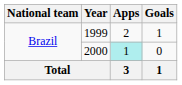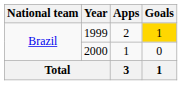 <table class="wikitable" style="text-align:center">
 <tr>
 <th>National team</th>
 <th>Year</th>
 <th>Apps</th>
 <th>Goals</th>
 </tr>
 <tr>
 <td rowspan="2"><a href='#'>Brazil</a></td>
 <td>1999</td>
 <td>2</td>
-<td>1</td>
+<td style="background: gold;">1</td>
 </tr>
 <tr>
 <td>2000</td>
-<td style="background: paleturquoise;">1</td>
+<td>1</td>
 <td>0</td>
 </tr>
 <tr>
 <th colspan="2">Total</th>
 <th>3</th>
 <th>1</th>
 </tr>
 </table>
